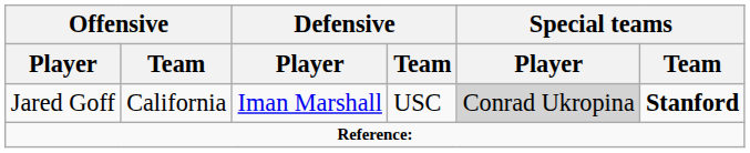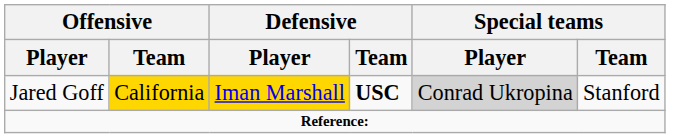 <table class="wikitable">
 <tr>
 <th colspan="2">Offensive</th>
 <th colspan="2">Defensive</th>
 <th colspan="2">Special teams</th>
 </tr>
 <tr>
 <th>Player</th>
 <th>Team</th>
 <th>Player</th>
 <th>Team</th>
 <th>Player</th>
 <th>Team</th>
 </tr>
 <tr>
 <td>Jared Goff</td>
-<td>California</td>
-<td><a href='#'>Iman Marshall</a></td>
-<td>USC</td>
+<td style="background: gold;">California</td>
+<td style="background: gold;"><a href='#'>Iman Marshall</a></td>
+<td><strong>USC</strong></td>
 <td style="background: lightgrey;">Conrad Ukropina</td>
-<td><strong>Stanford</strong></td>
+<td>Stanford</td>
 </tr>
 <tr>
 <td colspan="12"  style="font-size:8pt; text-align:center;"><strong>Reference:</strong></td>
 </tr>
 </table>
